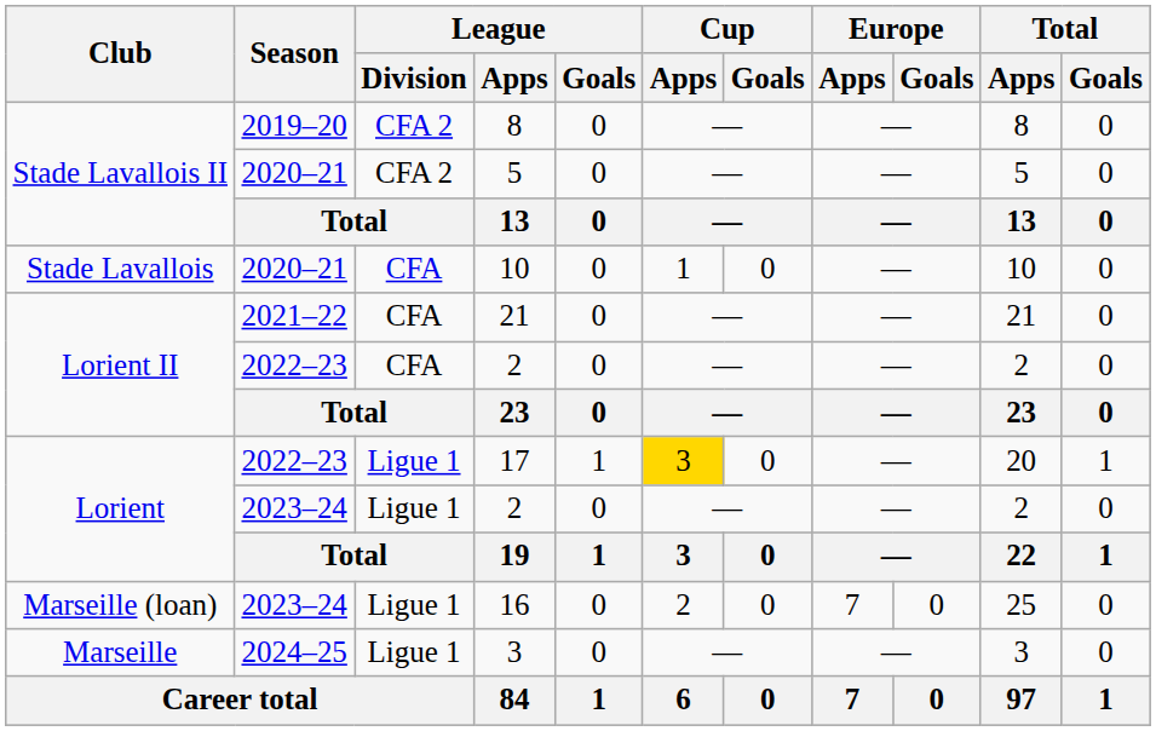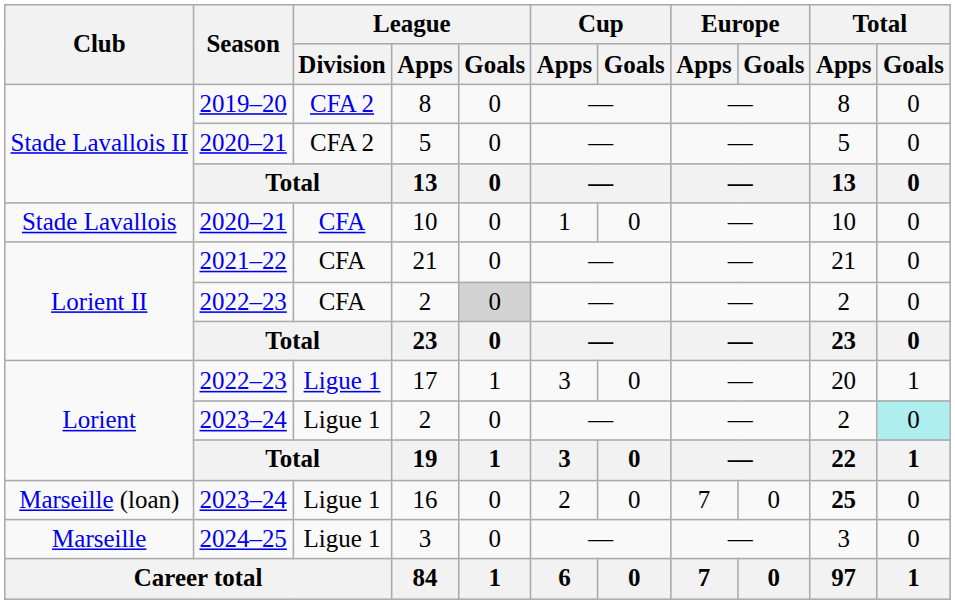 <table class="wikitable" style="text-align:center">
 <tr>
 <th rowspan="2">Club</th>
 <th rowspan="2">Season</th>
 <th colspan="3">League</th>
 <th colspan="2">Cup</th>
 <th colspan="2">Europe</th>
 <th colspan="2">Total</th>
 </tr>
 <tr>
 <th>Division</th>
 <th>Apps</th>
 <th>Goals</th>
 <th>Apps</th>
 <th>Goals</th>
 <th>Apps</th>
 <th>Goals</th>
 <th>Apps</th>
 <th>Goals</th>
 </tr>
 <tr>
 <td rowspan="3"><a href='#'>Stade Lavallois II</a></td>
 <td><a href='#'>2019–20</a></td>
 <td><a href='#'>CFA 2</a></td>
 <td>8</td>
 <td>0</td>
 <td colspan="2">—</td>
 <td colspan="2">—</td>
 <td>8</td>
 <td>0</td>
 </tr>
 <tr>
 <td><a href='#'>2020–21</a></td>
 <td>CFA 2</td>
 <td>5</td>
 <td>0</td>
 <td colspan="2">—</td>
 <td colspan="2">—</td>
 <td>5</td>
 <td>0</td>
 </tr>
 <tr>
 <th colspan="2">Total</th>
 <th>13</th>
 <th>0</th>
 <th colspan="2">—</th>
 <th colspan="2">—</th>
 <th>13</th>
 <th>0</th>
 </tr>
 <tr>
 <td><a href='#'>Stade Lavallois</a></td>
 <td><a href='#'>2020–21</a></td>
 <td><a href='#'>CFA</a></td>
 <td>10</td>
 <td>0</td>
 <td>1</td>
 <td>0</td>
 <td colspan="2">—</td>
 <td>10</td>
 <td>0</td>
 </tr>
 <tr>
 <td rowspan="3"><a href='#'>Lorient II</a></td>
 <td><a href='#'>2021–22</a></td>
 <td>CFA</td>
 <td>21</td>
 <td>0</td>
 <td colspan="2">—</td>
 <td colspan="2">—</td>
 <td>21</td>
 <td>0</td>
 </tr>
 <tr>
 <td><a href='#'>2022–23</a></td>
 <td>CFA</td>
 <td>2</td>
-<td>0</td>
+<td style="background: lightgrey;">0</td>
 <td colspan="2">—</td>
 <td colspan="2">—</td>
 <td>2</td>
 <td>0</td>
 </tr>
 <tr>
 <th colspan="2">Total</th>
 <th>23</th>
 <th>0</th>
 <th colspan="2">—</th>
 <th colspan="2">—</th>
 <th>23</th>
 <th>0</th>
 </tr>
 <tr>
 <td rowspan="3"><a href='#'>Lorient</a></td>
 <td><a href='#'>2022–23</a></td>
 <td><a href='#'>Ligue 1</a></td>
 <td>17</td>
 <td>1</td>
-<td style="background: gold;">3</td>
+<td>3</td>
 <td>0</td>
 <td colspan="2">—</td>
 <td>20</td>
 <td>1</td>
 </tr>
 <tr>
 <td><a href='#'>2023–24</a></td>
 <td>Ligue 1</td>
 <td>2</td>
 <td>0</td>
 <td colspan="2">—</td>
 <td colspan="2">—</td>
 <td>2</td>
-<td>0</td>
+<td style="background: paleturquoise;">0</td>
 </tr>
 <tr>
 <th colspan="2">Total</th>
 <th>19</th>
 <th>1</th>
 <th>3</th>
 <th>0</th>
 <th colspan="2">—</th>
 <th>22</th>
 <th>1</th>
 </tr>
 <tr>
 <td><a href='#'>Marseille</a> (loan)</td>
 <td><a href='#'>2023–24</a></td>
 <td>Ligue 1</td>
 <td>16</td>
 <td>0</td>
 <td>2</td>
 <td>0</td>
 <td>7</td>
 <td>0</td>
-<td>25</td>
+<td><strong>25</strong></td>
 <td>0</td>
 </tr>
 <tr>
 <td><a href='#'>Marseille</a></td>
 <td><a href='#'>2024–25</a></td>
 <td>Ligue 1</td>
 <td>3</td>
 <td>0</td>
 <td colspan=2>—</td>
 <td colspan=2>—</td>
 <td>3</td>
 <td>0</td>
 </tr>
 <tr>
 <th colspan="3">Career total</th>
 <th>84</th>
 <th>1</th>
 <th>6</th>
 <th>0</th>
 <th>7</th>
 <th>0</th>
 <th>97</th>
 <th>1</th>
 </tr>
 </table>
